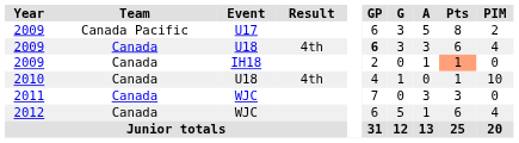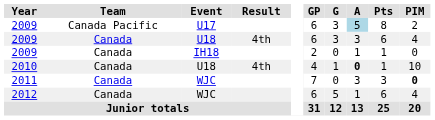 <table border="0" cellpadding="1" cellspacing="0" style="text-align:center; width:40em">
 <tr ALIGN="center" bgcolor="#e0e0e0">
 <th>Year</th>
 <th>Team</th>
 <th>Event</th>
 <th>Result</th>
 <th rowspan="99" bgcolor="#ffffff"> </th>
 <th>GP</th>
 <th>G</th>
 <th>A</th>
 <th>Pts</th>
 <th>PIM</th>
 </tr>
 <tr>
 <td><a href='#'>2009</a></td>
 <td>Canada Pacific</td>
 <td><a href='#'>U17</a></td>
 <td></td>
 <td>6</td>
 <td>3</td>
-<td>5</td>
+<td style="background: lightblue;">5</td>
 <td>8</td>
 <td>2</td>
 </tr>
 <tr style="background:#f0f0f0;">
 <td><a href='#'>2009</a></td>
 <td><a href='#'>Canada</a></td>
 <td><a href='#'>U18</a></td>
 <td>4th</td>
-<td><strong>6</strong></td>
+<td>6</td>
 <td>3</td>
 <td>3</td>
 <td>6</td>
 <td>4</td>
 </tr>
 <tr>
 <td><a href='#'>2009</a></td>
 <td>Canada</td>
 <td><a href='#'>IH18</a></td>
 <td></td>
 <td>2</td>
 <td>0</td>
 <td>1</td>
-<td style="background: lightsalmon;">1</td>
+<td>1</td>
 <td>0</td>
 </tr>
 <tr style="background:#f0f0f0;">
 <td><a href='#'>2010</a></td>
 <td>Canada</td>
 <td>U18</td>
 <td>4th</td>
 <td>4</td>
 <td>1</td>
-<td>0</td>
+<td><strong>0</strong></td>
 <td>1</td>
 <td>10</td>
 </tr>
 <tr>
 <td><a href='#'>2011</a></td>
 <td><a href='#'>Canada</a></td>
 <td><a href='#'>WJC</a></td>
 <td></td>
 <td>7</td>
 <td>0</td>
 <td>3</td>
 <td>3</td>
-<td>0</td>
+<td><strong>0</strong></td>
 </tr>
 <tr style="background:#f0f0f0;">
 <td><a href='#'>2012</a></td>
 <td>Canada</td>
 <td>WJC</td>
 <td></td>
 <td>6</td>
 <td>5</td>
 <td>1</td>
 <td>6</td>
 <td>4</td>
 </tr>
 <tr bgcolor="#e0e0e0">
 <th colspan=4>Junior totals</th>
 <th>31</th>
 <th>12</th>
 <th>13</th>
 <th>25</th>
 <th>20</th>
 </tr>
 </table>
